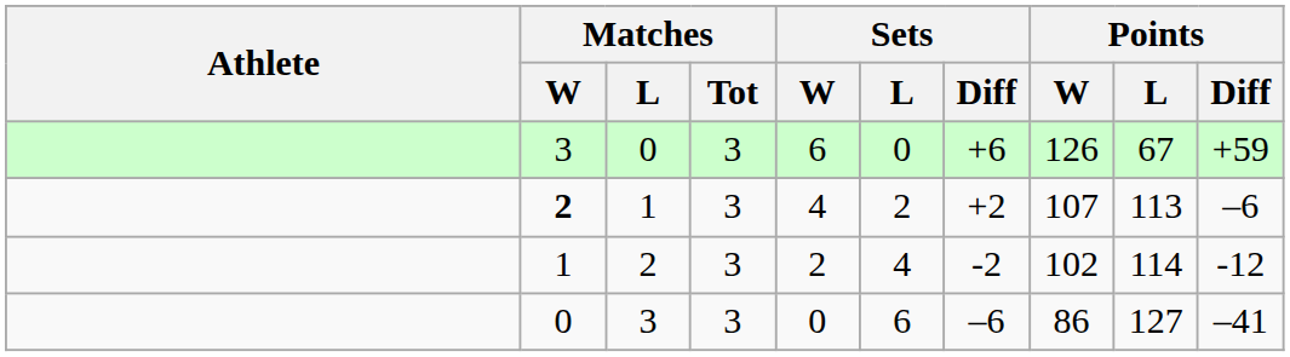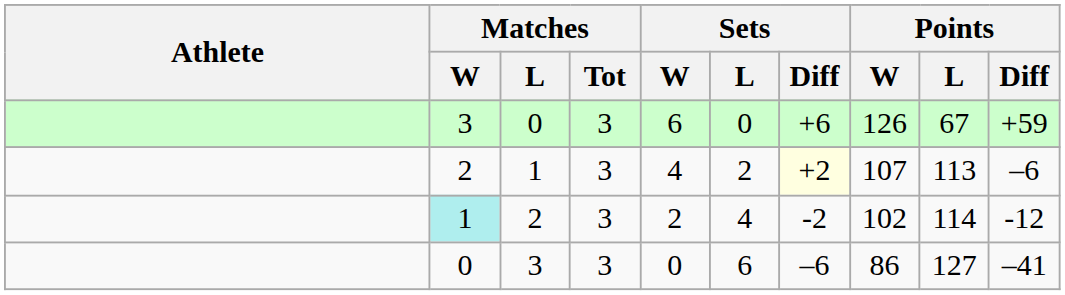 <table class=wikitable style="text-align:center">
 <tr>
 <th rowspan=2 width=220>Athlete</th>
 <th colspan=3 width=90>Matches</th>
 <th colspan=3 width=90>Sets</th>
 <th colspan=3 width=90>Points</th>
 </tr>
 <tr>
 <th width=30>W</th>
 <th width=30>L</th>
 <th width=30>Tot</th>
 <th width=30>W</th>
 <th width=30>L</th>
 <th width=30>Diff</th>
 <th width=30>W</th>
 <th width=30>L</th>
 <th width=30>Diff</th>
 </tr>
 <tr bgcolor=ccffcc>
 <td style="text-align:left"></td>
 <td>3</td>
 <td>0</td>
 <td>3</td>
 <td>6</td>
 <td>0</td>
 <td>+6</td>
 <td>126</td>
 <td>67</td>
 <td>+59</td>
 </tr>
 <tr>
 <td style="text-align:left"></td>
-<td><strong>2</strong></td>
+<td>2</td>
 <td>1</td>
 <td>3</td>
 <td>4</td>
 <td>2</td>
-<td>+2</td>
+<td style="background: lightyellow;">+2</td>
 <td>107</td>
 <td>113</td>
 <td>–6</td>
 </tr>
 <tr>
 <td style="text-align:left"></td>
-<td>1</td>
+<td style="background: paleturquoise;">1</td>
 <td>2</td>
 <td>3</td>
 <td>2</td>
 <td>4</td>
 <td>-2</td>
 <td>102</td>
 <td>114</td>
 <td>-12</td>
 </tr>
 <tr>
 <td style="text-align:left"></td>
 <td>0</td>
 <td>3</td>
 <td>3</td>
 <td>0</td>
 <td>6</td>
 <td>–6</td>
 <td>86</td>
 <td>127</td>
 <td>–41</td>
 </tr>
 </table>
